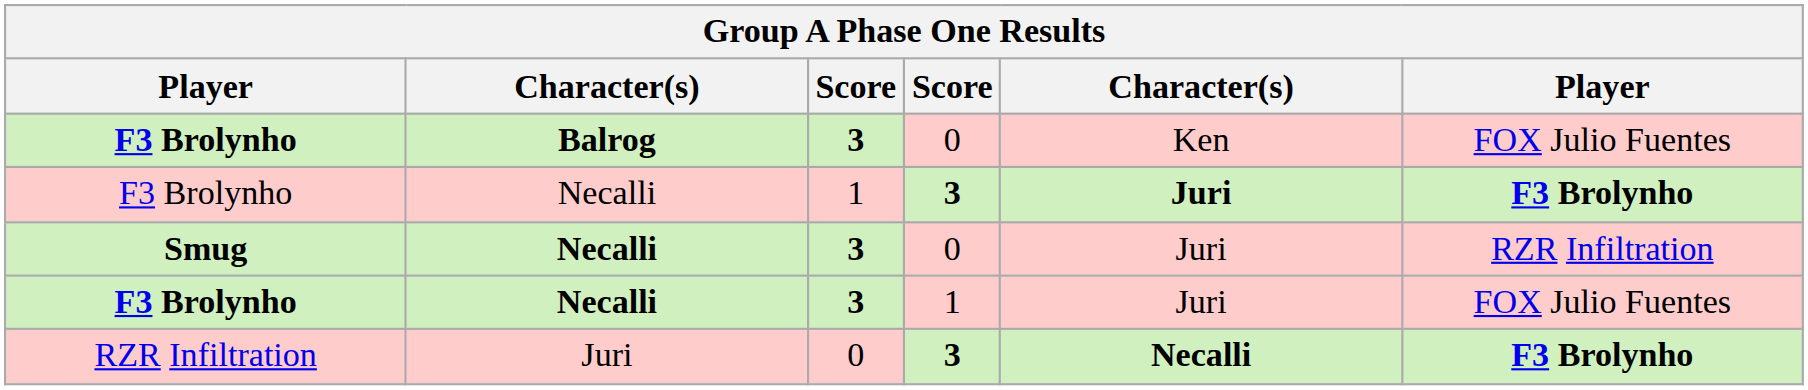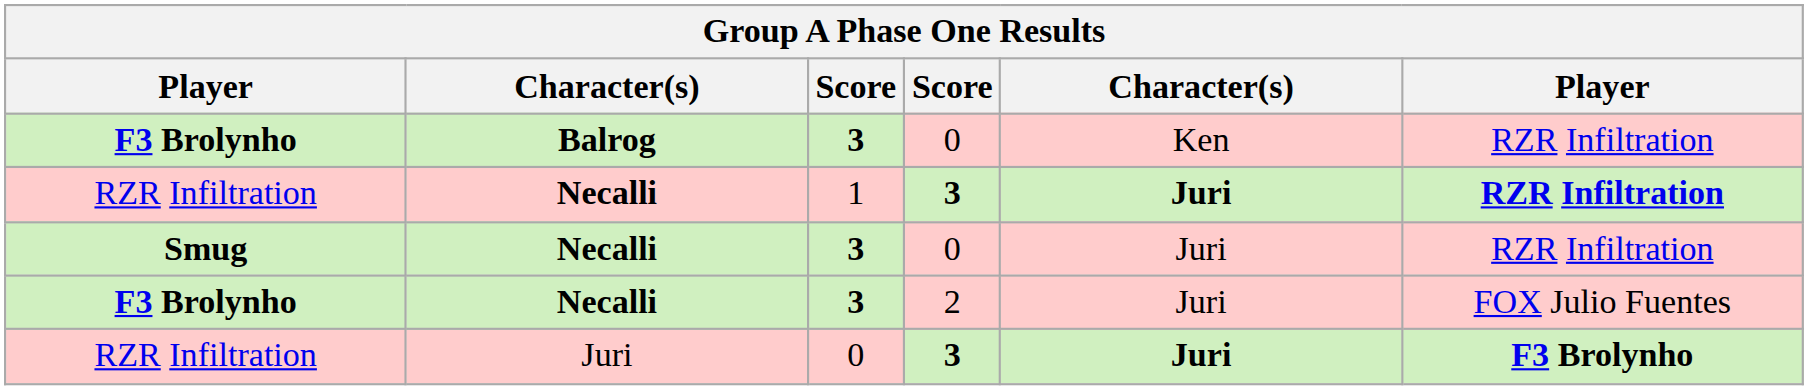 <table class="wikitable" style="text-align: center;">
 <tr>
 <th colspan=6>Group A Phase One Results</th>
 </tr>
 <tr>
 <th width="181px">Player</th>
 <th width="181px">Character(s)</th>
 <th width="20px">Score</th>
 <th width="20px">Score</th>
 <th width="181px">Character(s)</th>
 <th width="181px">Player</th>
 </tr>
 <tr>
 <td style="background: #D0F0C0;"><strong><a href='#'>F3</a> Brolynho</strong></td>
 <td style="background: #D0F0C0;"><strong>Balrog</strong></td>
 <td style="background: #D0F0C0;"><strong>3</strong></td>
 <td style="background: #FFCCCC;">0</td>
 <td style="background: #FFCCCC;">Ken</td>
-<td style="background: #FFCCCC;"><a href='#'>FOX</a> Julio Fuentes</td>
+<td style="background: #FFCCCC;"><a href='#'>RZR</a> <a href='#'>Infiltration</a></td>
 </tr>
 <tr>
-<td style="background: #FFCCCC;"><a href='#'>F3</a> Brolynho</td>
-<td style="background: #FFCCCC;">Necalli</td>
+<td style="background: #FFCCCC;"><a href='#'>RZR</a> <a href='#'>Infiltration</a></td>
+<td style="background: #FFCCCC;"><strong>Necalli</strong></td>
 <td style="background: #FFCCCC;">1</td>
 <td style="background: #D0F0C0;"><strong>3</strong></td>
 <td style="background: #D0F0C0;"><strong>Juri</strong></td>
-<td style="background: #D0F0C0;"><strong><a href='#'>F3</a> Brolynho</strong></td>
+<td style="background: #D0F0C0;"><strong><a href='#'>RZR</a> <a href='#'>Infiltration</a></strong></td>
 </tr>
 <tr>
 <td style="background: #D0F0C0;"><strong> Smug</strong></td>
 <td style="background: #D0F0C0;"><strong>Necalli</strong></td>
 <td style="background: #D0F0C0;"><strong>3</strong></td>
 <td style="background: #FFCCCC;">0</td>
 <td style="background: #FFCCCC;">Juri</td>
 <td style="background: #FFCCCC;"><a href='#'>RZR</a> <a href='#'>Infiltration</a></td>
 </tr>
 <tr>
 <td style="background: #D0F0C0;"><strong><a href='#'>F3</a> Brolynho</strong></td>
 <td style="background: #D0F0C0;"><strong>Necalli</strong></td>
 <td style="background: #D0F0C0;"><strong>3</strong></td>
-<td style="background: #FFCCCC;">1</td>
+<td style="background: #FFCCCC;">2</td>
 <td style="background: #FFCCCC;">Juri</td>
 <td style="background: #FFCCCC;"><a href='#'>FOX</a> Julio Fuentes</td>
 </tr>
 <tr>
 <td style="background: #FFCCCC;"><a href='#'>RZR</a> <a href='#'>Infiltration</a></td>
 <td style="background: #FFCCCC;">Juri</td>
 <td style="background: #FFCCCC;">0</td>
 <td style="background: #D0F0C0;"><strong>3</strong></td>
-<td style="background: #D0F0C0;"><strong>Necalli</strong></td>
+<td style="background: #D0F0C0;"><strong>Juri</strong></td>
 <td style="background: #D0F0C0;"><strong><a href='#'>F3</a> Brolynho</strong></td>
 </tr>
 </table>
